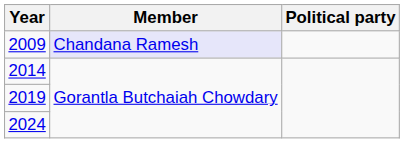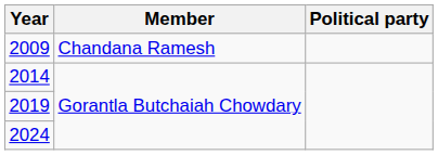 <table class="wikitable sortable">
 <tr>
 <th>Year</th>
 <th>Member</th>
 <th colspan="2">Political party</th>
 </tr>
 <tr>
 <td><a href='#'>2009</a></td>
-<td style="background: lavender;"><a href='#'>Chandana Ramesh</a></td>
+<td><a href='#'>Chandana Ramesh</a></td>
 <td></td>
 </tr>
 <tr>
 <td><a href='#'>2014</a></td>
 <td rowspan=3><a href='#'>Gorantla Butchaiah Chowdary</a></td>
 </tr>
 <tr>
 <td><a href='#'>2019</a></td>
 </tr>
 <tr>
 <td><a href='#'>2024</a></td>
 </tr>
 </table>
